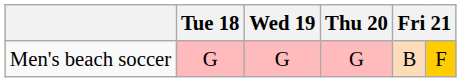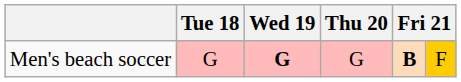 <table class="wikitable" style="margin:0.5em auto; font-size:90%; line-height:1.25em; text-align:center;">
 <tr>
 <th></th>
 <th>Tue 18</th>
 <th>Wed 19</th>
 <th>Thu 20</th>
 <th colspan=5>Fri 21</th>
 </tr>
 <tr>
 <td style="text-align:left;">Men's beach soccer</td>
 <td style="background-color:#FFBBBB;">G</td>
+<td style="background-color:#FFBBBB;"><strong>G</strong></td>
 <td style="background-color:#FFBBBB;">G</td>
-<td style="background-color:#FFBBBB;">G</td>
-<td style="background-color:#FEDCBA;">B</td>
+<td style="background-color:#FEDCBA;"><strong>B</strong></td>
 <td style="background-color:#FFCC00;">F</td>
 </tr>
 </table>
